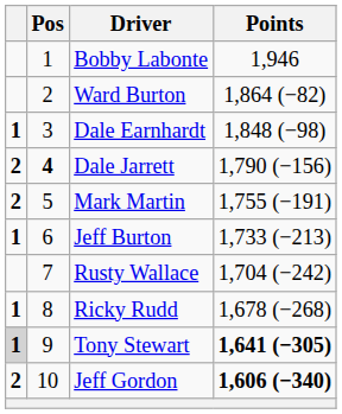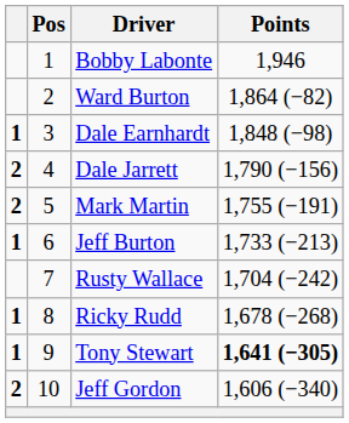 <table class="wikitable" style="font-size: 95%;">
 <tr>
 <th></th>
 <th>Pos</th>
 <th>Driver</th>
 <th>Points</th>
 </tr>
 <tr>
 <td align="left"></td>
 <td style="text-align:center;">1</td>
 <td><a href='#'>Bobby Labonte</a></td>
 <td style="text-align:center;">1,946</td>
 </tr>
 <tr>
 <td align="left"></td>
 <td style="text-align:center;">2</td>
 <td><a href='#'>Ward Burton</a></td>
 <td style="text-align:center;">1,864 (−82)</td>
 </tr>
 <tr>
 <td align="left">  <strong>1</strong></td>
 <td style="text-align:center;">3</td>
 <td><a href='#'>Dale Earnhardt</a></td>
 <td style="text-align:center;">1,848 (−98)</td>
 </tr>
 <tr>
 <td align="left">  <strong>2</strong></td>
-<td style="text-align:center;"><strong>4</strong></td>
+<td style="text-align:center;">4</td>
 <td><a href='#'>Dale Jarrett</a></td>
 <td style="text-align:center;">1,790 (−156)</td>
 </tr>
 <tr>
 <td align="left">  <strong>2</strong></td>
 <td style="text-align:center;">5</td>
 <td><a href='#'>Mark Martin</a></td>
 <td style="text-align:center;">1,755 (−191)</td>
 </tr>
 <tr>
 <td align="left">  <strong>1</strong></td>
 <td style="text-align:center;">6</td>
 <td><a href='#'>Jeff Burton</a></td>
 <td style="text-align:center;">1,733 (−213)</td>
 </tr>
 <tr>
 <td align="left"></td>
 <td style="text-align:center;">7</td>
 <td><a href='#'>Rusty Wallace</a></td>
 <td style="text-align:center;">1,704 (−242)</td>
 </tr>
 <tr>
 <td align="left">  <strong>1</strong></td>
 <td style="text-align:center;">8</td>
 <td><a href='#'>Ricky Rudd</a></td>
 <td style="text-align:center;">1,678 (−268)</td>
 </tr>
 <tr>
-<td align="left" style="background: lightgrey;">  <strong>1</strong></td>
+<td align="left">  <strong>1</strong></td>
 <td style="text-align:center;">9</td>
 <td><a href='#'>Tony Stewart</a></td>
 <td style="text-align:center;"><strong>1,641 (−305)</strong></td>
 </tr>
 <tr>
 <td align="left">  <strong>2</strong></td>
 <td style="text-align:center;">10</td>
 <td><a href='#'>Jeff Gordon</a></td>
-<td style="text-align:center;"><strong>1,606 (−340)</strong></td>
+<td style="text-align:center;">1,606 (−340)</td>
 </tr>
 <tr class="sortbottom">
 <th colspan="9"></th>
 </tr>
 </table>
